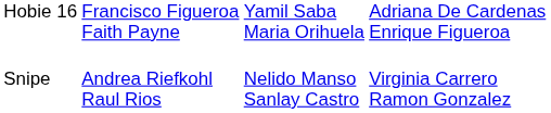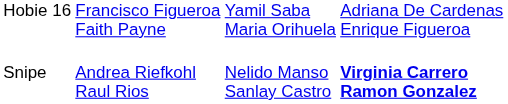 <table>
 <tr>
 <td>Hobie 16</td>
 <td><br><a href='#'>Francisco Figueroa</a><br><a href='#'>Faith Payne</a></td>
 <td><br><a href='#'>Yamil Saba</a><br><a href='#'>Maria Orihuela</a></td>
 <td><br><a href='#'>Adriana De Cardenas</a><br><a href='#'>Enrique Figueroa</a></td>
 </tr>
 <tr>
 <td>Snipe</td>
 <td><br><a href='#'>Andrea Riefkohl</a><br><a href='#'>Raul Rios</a></td>
 <td><br><a href='#'>Nelido Manso</a><br><a href='#'>Sanlay Castro</a></td>
-<td><br><a href='#'>Virginia Carrero</a><br><a href='#'>Ramon Gonzalez</a></td>
+<td><strong><br><a href='#'>Virginia Carrero</a><br><a href='#'>Ramon Gonzalez</a></strong></td>
 </tr>
 </table>
